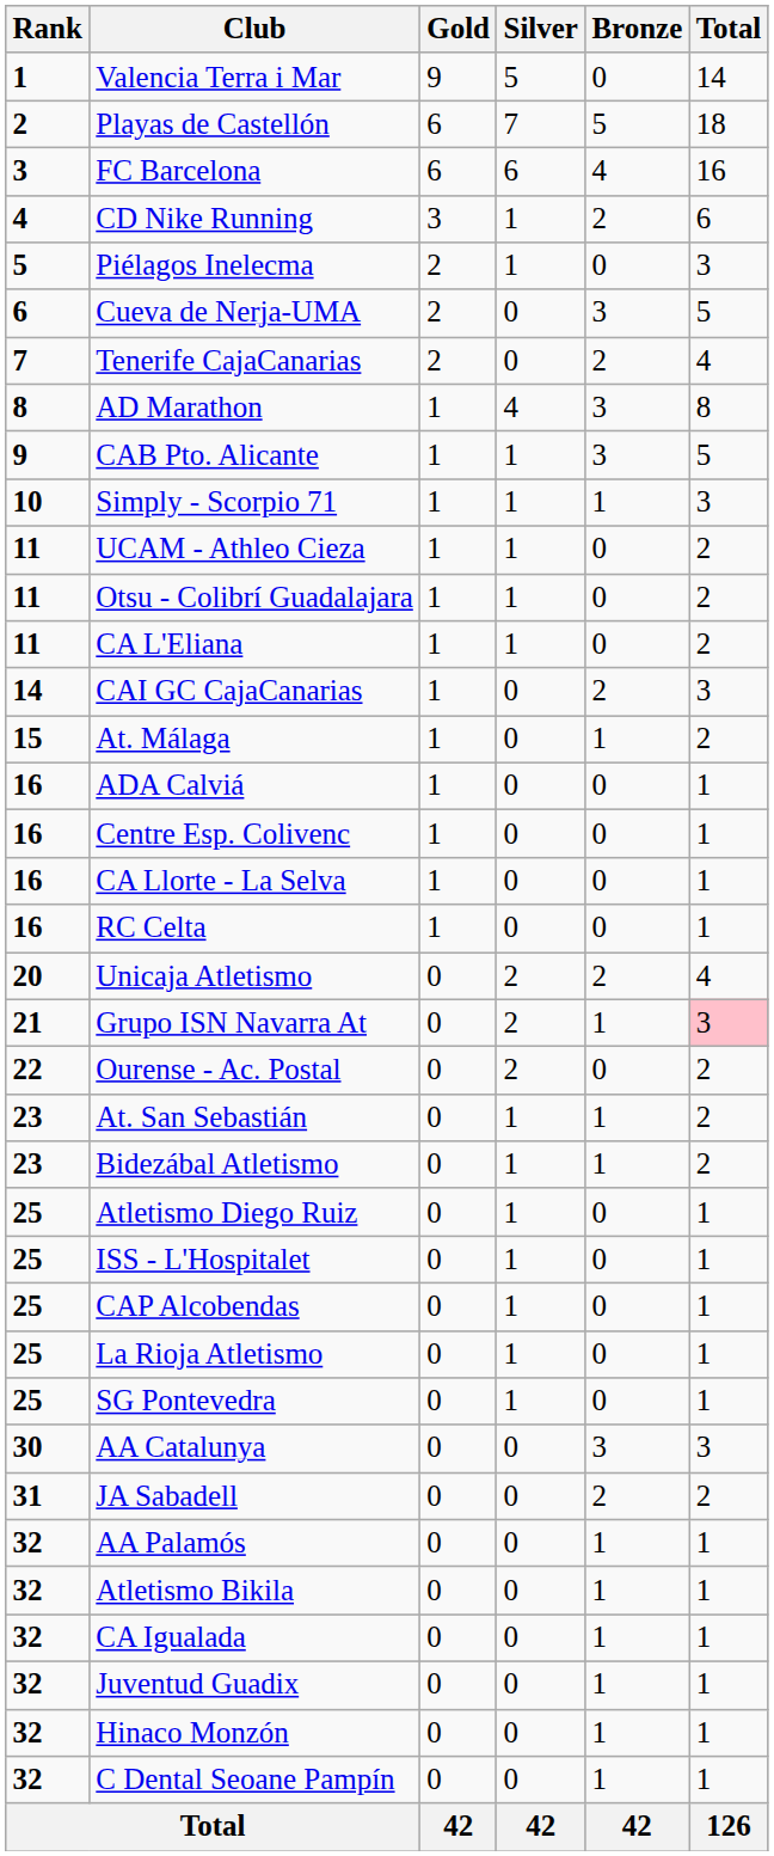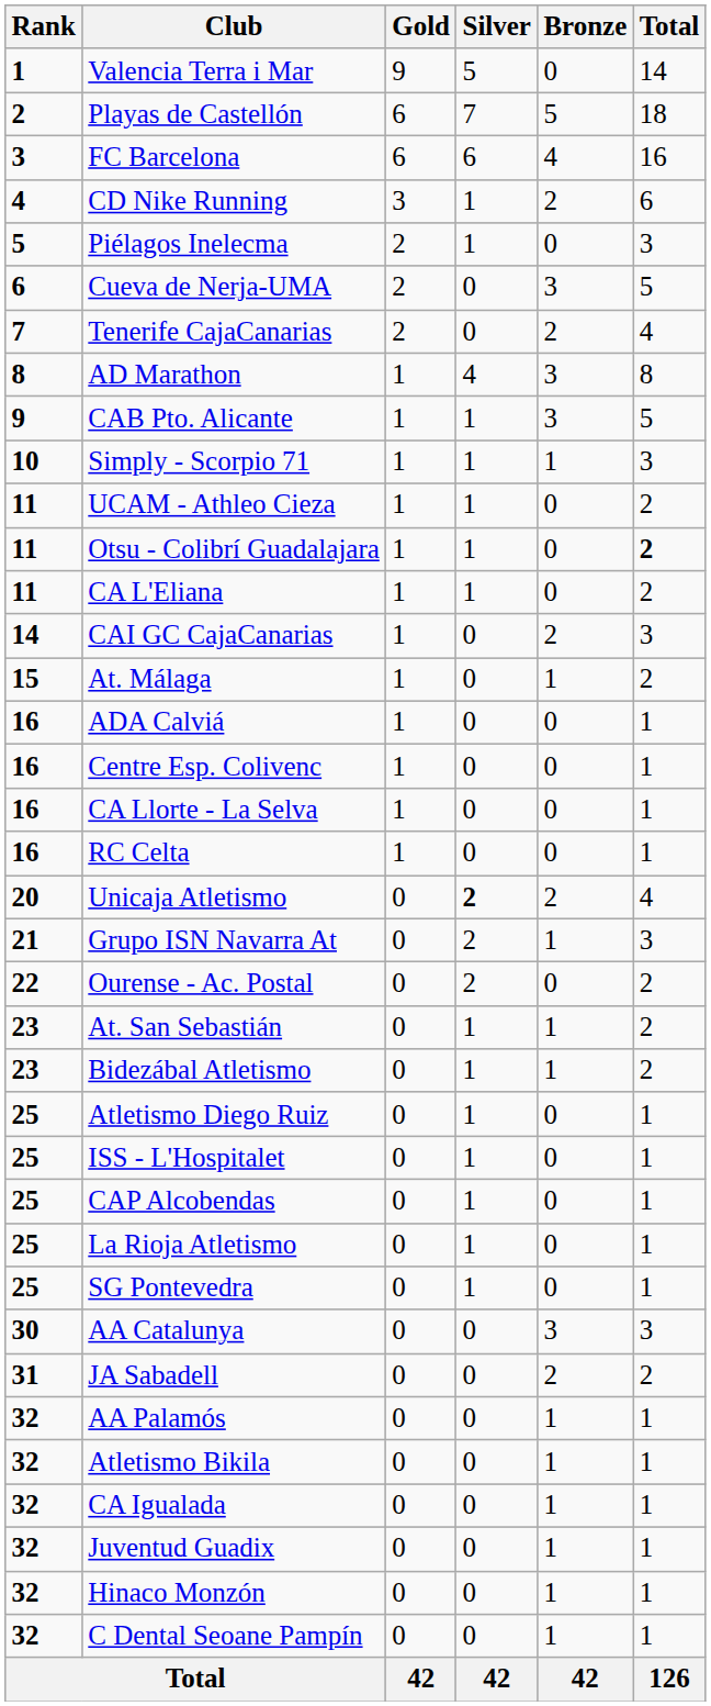 <table class=wikitable>
 <tr>
 <th>Rank</th>
 <th>Club</th>
 <th>Gold</th>
 <th>Silver</th>
 <th>Bronze</th>
 <th>Total</th>
 </tr>
 <tr>
 <td><strong>1</strong></td>
 <td><a href='#'>Valencia Terra i Mar</a></td>
 <td>9</td>
 <td>5</td>
 <td>0</td>
 <td>14</td>
 </tr>
 <tr>
 <td><strong>2</strong></td>
 <td><a href='#'>Playas de Castellón</a></td>
 <td>6</td>
 <td>7</td>
 <td>5</td>
 <td>18</td>
 </tr>
 <tr>
 <td><strong>3</strong></td>
 <td><a href='#'>FC Barcelona</a></td>
 <td>6</td>
 <td>6</td>
 <td>4</td>
 <td>16</td>
 </tr>
 <tr>
 <td><strong>4</strong></td>
 <td><a href='#'>CD Nike Running</a></td>
 <td>3</td>
 <td>1</td>
 <td>2</td>
 <td>6</td>
 </tr>
 <tr>
 <td><strong>5</strong></td>
 <td><a href='#'>Piélagos Inelecma</a></td>
 <td>2</td>
 <td>1</td>
 <td>0</td>
 <td>3</td>
 </tr>
 <tr>
 <td><strong>6</strong></td>
 <td><a href='#'>Cueva de Nerja-UMA</a></td>
 <td>2</td>
 <td>0</td>
 <td>3</td>
 <td>5</td>
 </tr>
 <tr>
 <td><strong>7</strong></td>
 <td><a href='#'>Tenerife CajaCanarias</a></td>
 <td>2</td>
 <td>0</td>
 <td>2</td>
 <td>4</td>
 </tr>
 <tr>
 <td><strong>8</strong></td>
 <td><a href='#'>AD Marathon</a></td>
 <td>1</td>
 <td>4</td>
 <td>3</td>
 <td>8</td>
 </tr>
 <tr>
 <td><strong>9</strong></td>
 <td><a href='#'>CAB Pto. Alicante</a></td>
 <td>1</td>
 <td>1</td>
 <td>3</td>
 <td>5</td>
 </tr>
 <tr>
 <td><strong>10</strong></td>
 <td><a href='#'>Simply - Scorpio 71</a></td>
 <td>1</td>
 <td>1</td>
 <td>1</td>
 <td>3</td>
 </tr>
 <tr>
 <td><strong>11</strong></td>
 <td><a href='#'>UCAM - Athleo Cieza</a></td>
 <td>1</td>
 <td>1</td>
 <td>0</td>
 <td>2</td>
 </tr>
 <tr>
 <td><strong>11</strong></td>
 <td><a href='#'>Otsu - Colibrí Guadalajara</a></td>
 <td>1</td>
 <td>1</td>
 <td>0</td>
-<td>2</td>
+<td><strong>2</strong></td>
 </tr>
 <tr>
 <td><strong>11</strong></td>
 <td><a href='#'>CA L'Eliana</a></td>
 <td>1</td>
 <td>1</td>
 <td>0</td>
 <td>2</td>
 </tr>
 <tr>
 <td><strong>14</strong></td>
 <td><a href='#'>CAI GC CajaCanarias</a></td>
 <td>1</td>
 <td>0</td>
 <td>2</td>
 <td>3</td>
 </tr>
 <tr>
 <td><strong>15</strong></td>
 <td><a href='#'>At. Málaga</a></td>
 <td>1</td>
 <td>0</td>
 <td>1</td>
 <td>2</td>
 </tr>
 <tr>
 <td><strong>16</strong></td>
 <td><a href='#'>ADA Calviá</a></td>
 <td>1</td>
 <td>0</td>
 <td>0</td>
 <td>1</td>
 </tr>
 <tr>
 <td><strong>16</strong></td>
 <td><a href='#'>Centre Esp. Colivenc</a></td>
 <td>1</td>
 <td>0</td>
 <td>0</td>
 <td>1</td>
 </tr>
 <tr>
 <td><strong>16</strong></td>
 <td><a href='#'>CA Llorte - La Selva</a></td>
 <td>1</td>
 <td>0</td>
 <td>0</td>
 <td>1</td>
 </tr>
 <tr>
 <td><strong>16</strong></td>
 <td><a href='#'>RC Celta</a></td>
 <td>1</td>
 <td>0</td>
 <td>0</td>
 <td>1</td>
 </tr>
 <tr>
 <td><strong>20</strong></td>
 <td><a href='#'>Unicaja Atletismo</a></td>
 <td>0</td>
-<td>2</td>
+<td><strong>2</strong></td>
 <td>2</td>
 <td>4</td>
 </tr>
 <tr>
 <td><strong>21</strong></td>
 <td><a href='#'>Grupo ISN Navarra At</a></td>
 <td>0</td>
 <td>2</td>
 <td>1</td>
-<td style="background: pink;">3</td>
+<td>3</td>
 </tr>
 <tr>
 <td><strong>22</strong></td>
 <td><a href='#'>Ourense - Ac. Postal</a></td>
 <td>0</td>
 <td>2</td>
 <td>0</td>
 <td>2</td>
 </tr>
 <tr>
 <td><strong>23</strong></td>
 <td><a href='#'>At. San Sebastián</a></td>
 <td>0</td>
 <td>1</td>
 <td>1</td>
 <td>2</td>
 </tr>
 <tr>
 <td><strong>23</strong></td>
 <td><a href='#'>Bidezábal Atletismo</a></td>
 <td>0</td>
 <td>1</td>
 <td>1</td>
 <td>2</td>
 </tr>
 <tr>
 <td><strong>25</strong></td>
 <td><a href='#'>Atletismo Diego Ruiz</a></td>
 <td>0</td>
 <td>1</td>
 <td>0</td>
 <td>1</td>
 </tr>
 <tr>
 <td><strong>25</strong></td>
 <td><a href='#'>ISS - L'Hospitalet</a></td>
 <td>0</td>
 <td>1</td>
 <td>0</td>
 <td>1</td>
 </tr>
 <tr>
 <td><strong>25</strong></td>
 <td><a href='#'>CAP Alcobendas</a></td>
 <td>0</td>
 <td>1</td>
 <td>0</td>
 <td>1</td>
 </tr>
 <tr>
 <td><strong>25</strong></td>
 <td><a href='#'>La Rioja Atletismo</a></td>
 <td>0</td>
 <td>1</td>
 <td>0</td>
 <td>1</td>
 </tr>
 <tr>
 <td><strong>25</strong></td>
 <td><a href='#'>SG Pontevedra</a></td>
 <td>0</td>
 <td>1</td>
 <td>0</td>
 <td>1</td>
 </tr>
 <tr>
 <td><strong>30</strong></td>
 <td><a href='#'>AA Catalunya</a></td>
 <td>0</td>
 <td>0</td>
 <td>3</td>
 <td>3</td>
 </tr>
 <tr>
 <td><strong>31</strong></td>
 <td><a href='#'>JA Sabadell</a></td>
 <td>0</td>
 <td>0</td>
 <td>2</td>
 <td>2</td>
 </tr>
 <tr>
 <td><strong>32</strong></td>
 <td><a href='#'>AA Palamós</a></td>
 <td>0</td>
 <td>0</td>
 <td>1</td>
 <td>1</td>
 </tr>
 <tr>
 <td><strong>32</strong></td>
 <td><a href='#'>Atletismo Bikila</a></td>
 <td>0</td>
 <td>0</td>
 <td>1</td>
 <td>1</td>
 </tr>
 <tr>
 <td><strong>32</strong></td>
 <td><a href='#'>CA Igualada</a></td>
 <td>0</td>
 <td>0</td>
 <td>1</td>
 <td>1</td>
 </tr>
 <tr>
 <td><strong>32</strong></td>
 <td><a href='#'>Juventud Guadix</a></td>
 <td>0</td>
 <td>0</td>
 <td>1</td>
 <td>1</td>
 </tr>
 <tr>
 <td><strong>32</strong></td>
 <td><a href='#'>Hinaco Monzón</a></td>
 <td>0</td>
 <td>0</td>
 <td>1</td>
 <td>1</td>
 </tr>
 <tr>
 <td><strong>32</strong></td>
 <td><a href='#'>C Dental Seoane Pampín</a></td>
 <td>0</td>
 <td>0</td>
 <td>1</td>
 <td>1</td>
 </tr>
 <tr>
 <th colspan=2>Total</th>
 <th><strong>42</strong></th>
 <th><strong>42</strong></th>
 <th><strong>42</strong></th>
 <th><strong>126</strong></th>
 </tr>
 </table>
